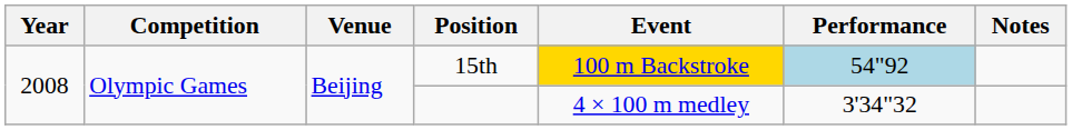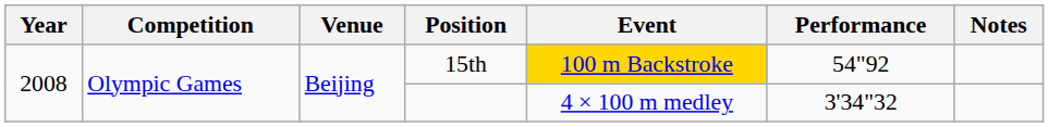 <table class="wikitable" width=50% style="font-size:90%; text-align:center;">
 <tr>
 <th>Year</th>
 <th>Competition</th>
 <th>Venue</th>
 <th>Position</th>
 <th>Event</th>
 <th>Performance</th>
 <th>Notes</th>
 </tr>
 <tr>
 <td rowspan=2>2008</td>
 <td rowspan=2 align=left><a href='#'>Olympic Games</a></td>
 <td rowspan=2 align=left> <a href='#'>Beijing</a></td>
 <td>15th</td>
 <td style="background: gold;"><a href='#'>100 m Backstroke</a></td>
-<td style="background: lightblue;">54"92</td>
+<td>54"92</td>
 <td></td>
 </tr>
 <tr>
 <td></td>
 <td><a href='#'>4 × 100 m medley</a></td>
 <td>3'34"32</td>
 <td></td>
 </tr>
 </table>
